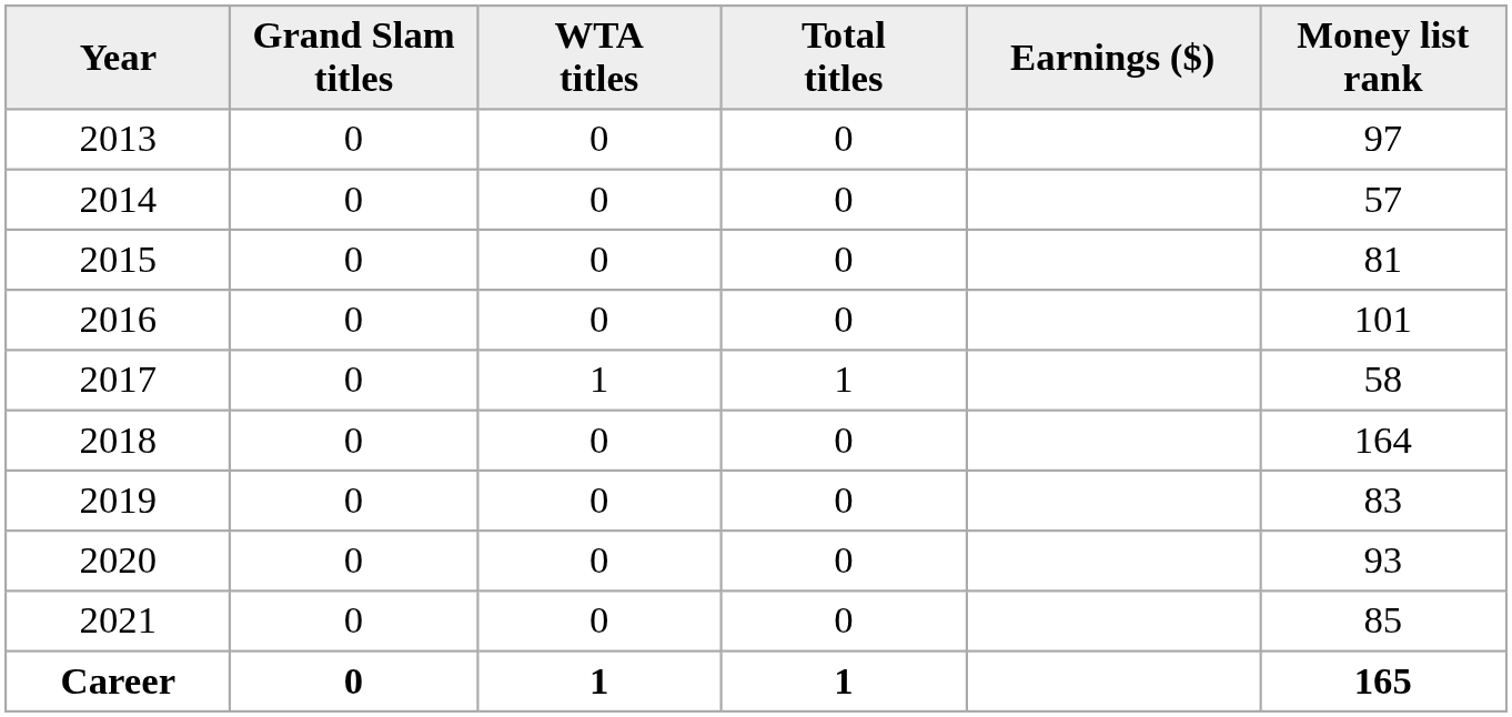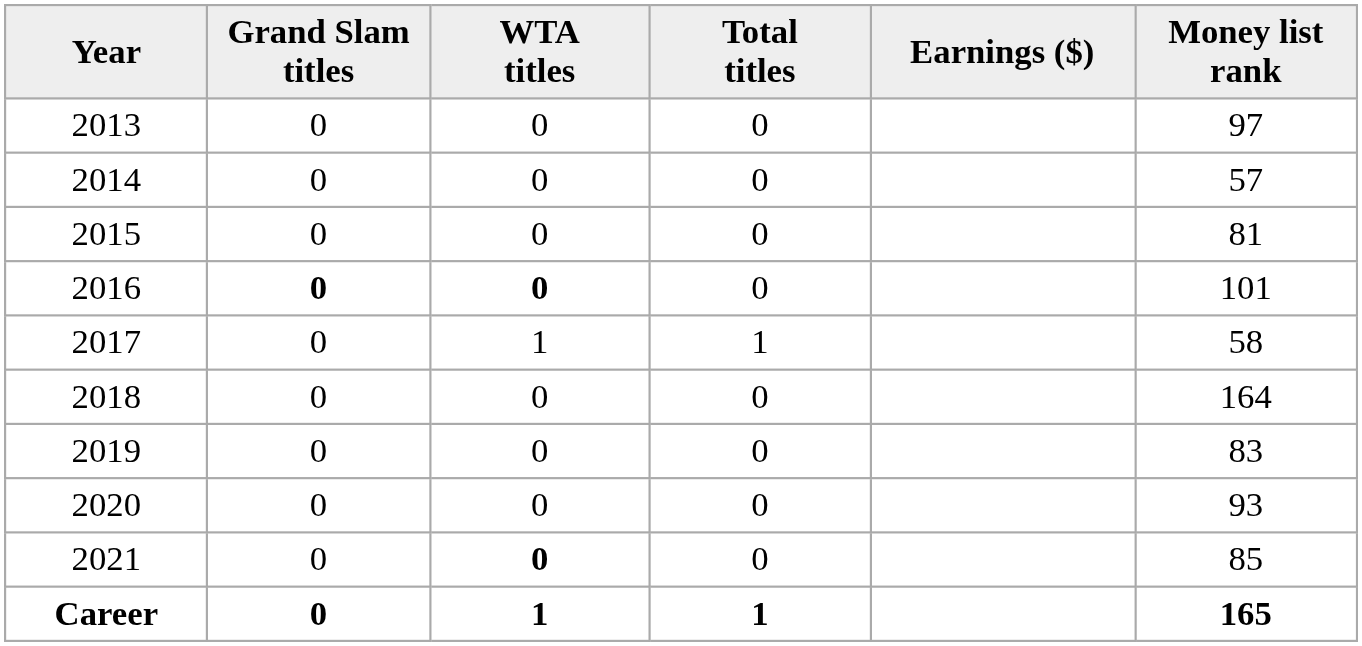 <table cellpadding=3 cellspacing=0 border=1 style=border:#aaa;solid:1px;border-collapse:collapse;text-align:center;>
 <tr style=background:#eee;font-weight:bold>
 <td width="90">Year</td>
 <td width="100">Grand Slam <br>titles</td>
 <td width="100">WTA <br>titles</td>
 <td width="100">Total <br>titles</td>
 <td width="120">Earnings ($)</td>
 <td width="100">Money list rank</td>
 </tr>
 <tr>
 <td>2013</td>
 <td>0</td>
 <td>0</td>
 <td>0</td>
 <td align="right"></td>
 <td>97</td>
 </tr>
 <tr>
 <td>2014</td>
 <td>0</td>
 <td>0</td>
 <td>0</td>
 <td align="right"></td>
 <td>57</td>
 </tr>
 <tr>
 <td>2015</td>
 <td>0</td>
 <td>0</td>
 <td>0</td>
 <td align="right"></td>
 <td>81</td>
 </tr>
 <tr>
 <td>2016</td>
-<td>0</td>
-<td>0</td>
+<td><strong>0</strong></td>
+<td><strong>0</strong></td>
 <td>0</td>
 <td align="right"></td>
 <td>101</td>
 </tr>
 <tr>
 <td>2017</td>
 <td>0</td>
 <td>1</td>
 <td>1</td>
 <td align="right"></td>
 <td>58</td>
 </tr>
 <tr>
 <td>2018</td>
 <td>0</td>
 <td>0</td>
 <td>0</td>
 <td align="right"></td>
 <td>164</td>
 </tr>
 <tr>
 <td>2019</td>
 <td>0</td>
 <td>0</td>
 <td>0</td>
 <td align="right"></td>
 <td>83</td>
 </tr>
 <tr>
 <td>2020</td>
 <td>0</td>
 <td>0</td>
 <td>0</td>
 <td align="right"></td>
 <td>93</td>
 </tr>
 <tr>
 <td>2021</td>
 <td>0</td>
-<td>0</td>
+<td><strong>0</strong></td>
 <td>0</td>
 <td align="right"></td>
 <td>85</td>
 </tr>
 <tr>
 <th>Career</th>
 <th>0</th>
 <th>1</th>
 <th>1</th>
 <th align="right"></th>
 <th>165</th>
 </tr>
 </table>
